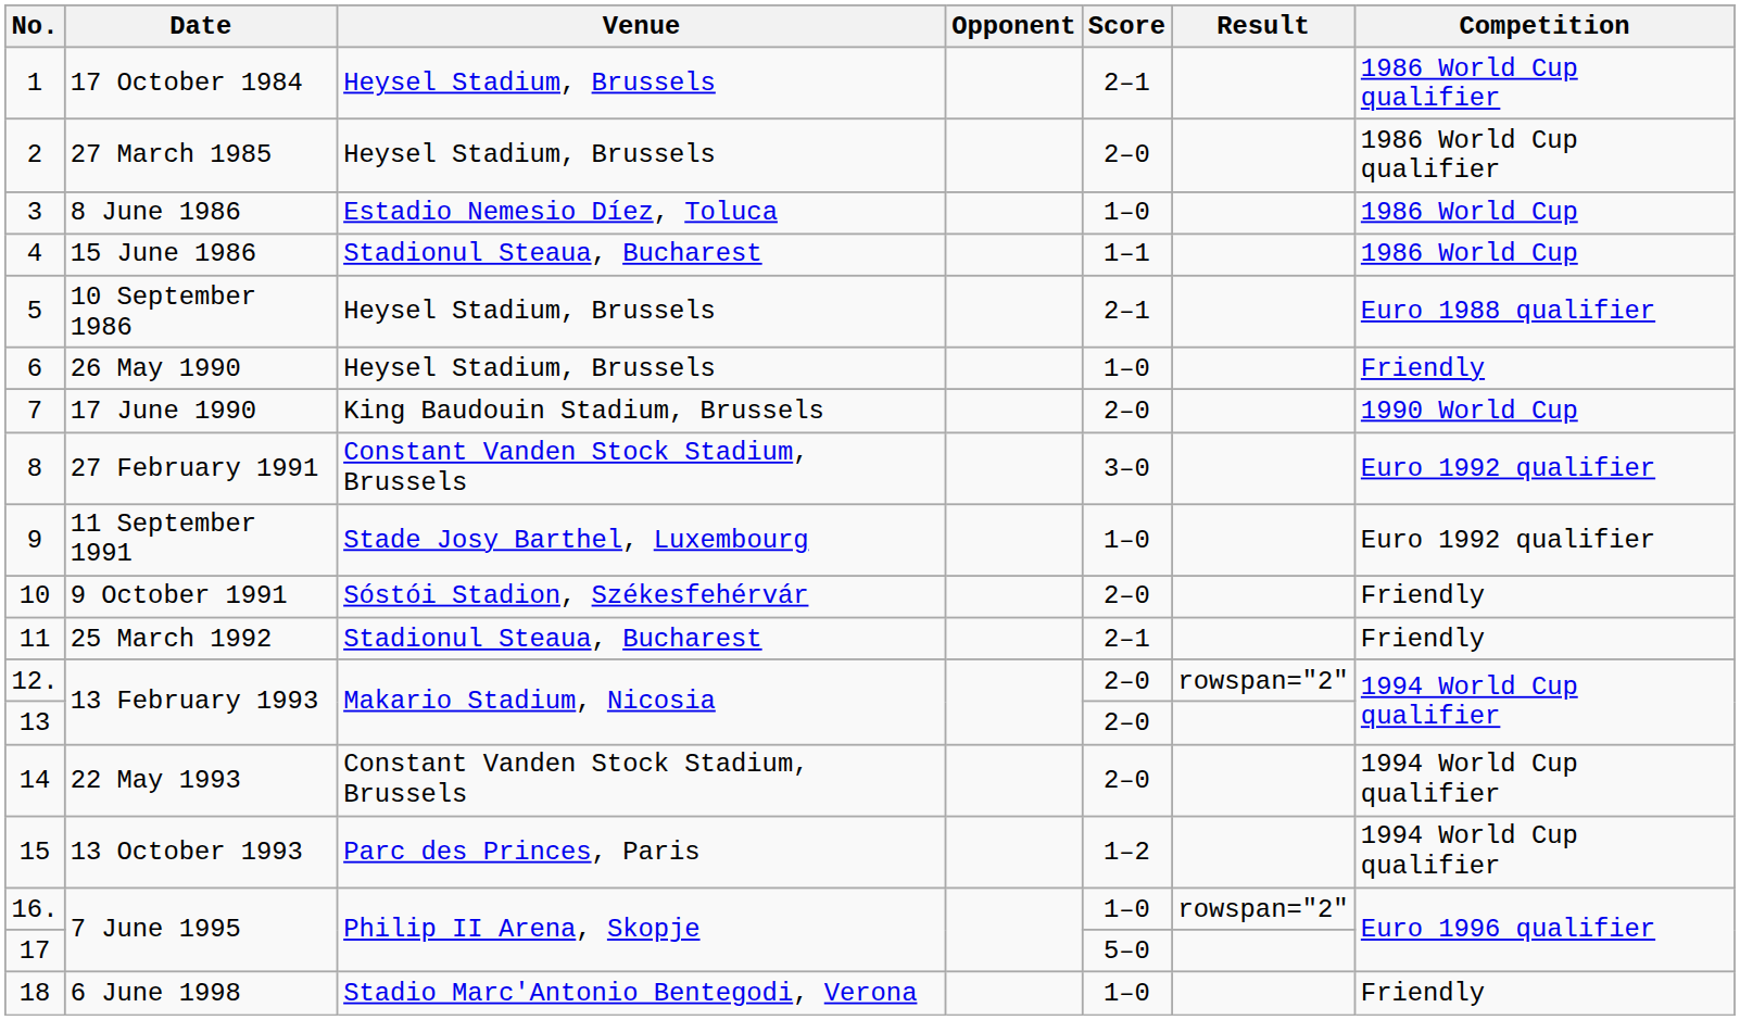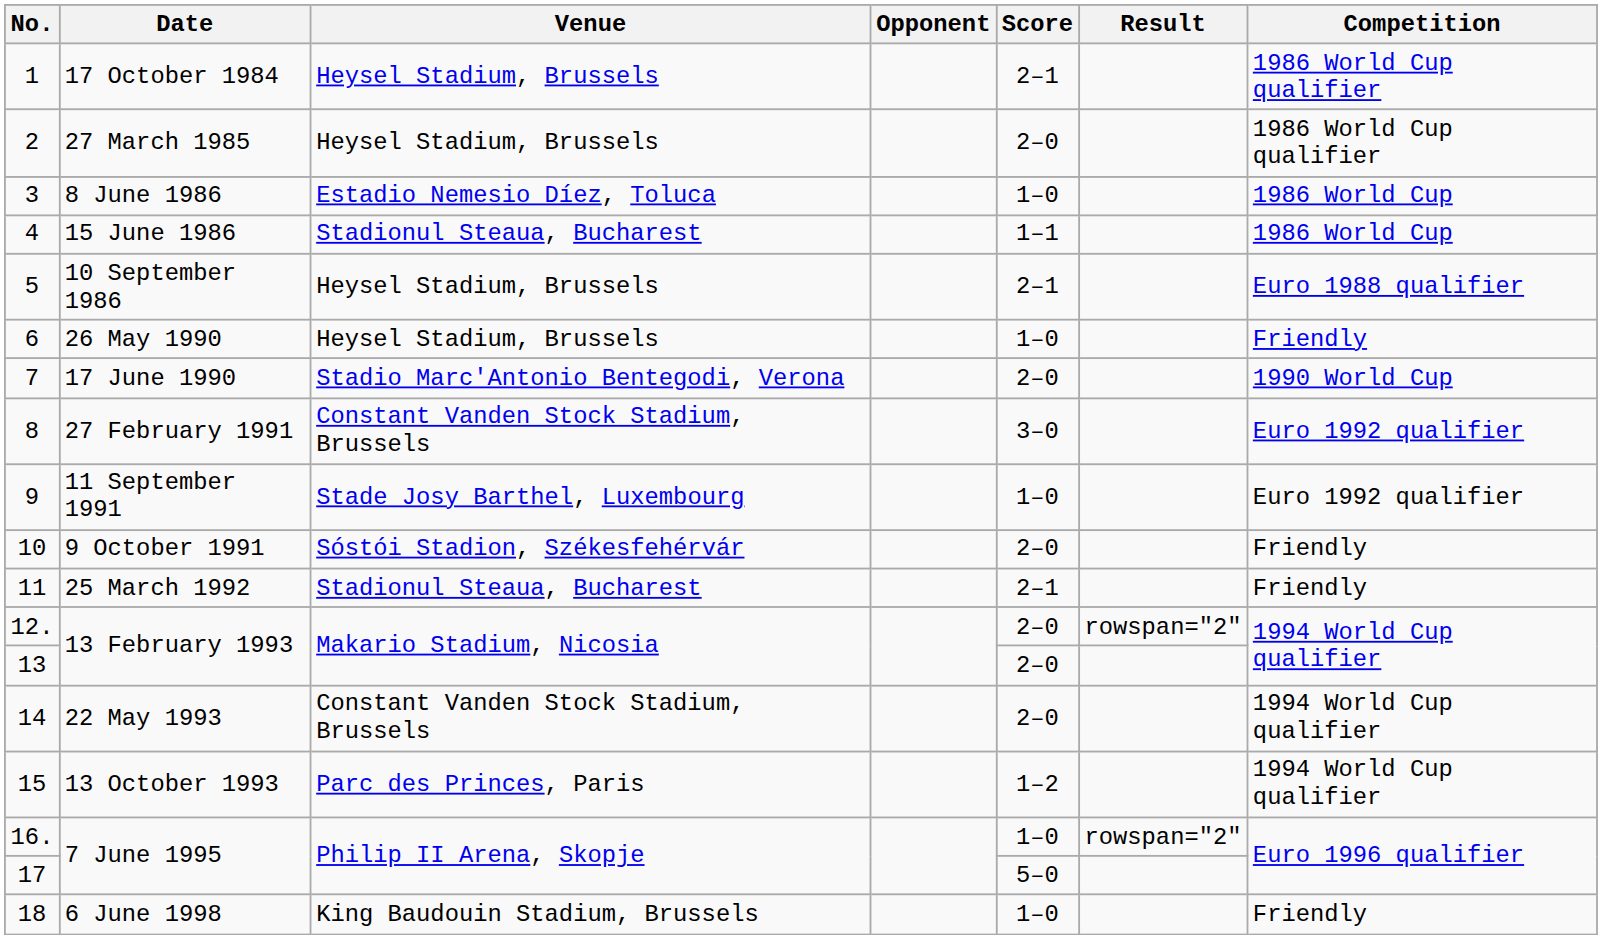 <table class="wikitable sortable">
 <tr>
 <th scope="col">No.</th>
 <th scope="col">Date</th>
 <th scope="col">Venue</th>
 <th scope="col">Opponent</th>
 <th scope="col">Score</th>
 <th scope="col">Result</th>
 <th scope="col">Competition</th>
 </tr>
 <tr>
 <td align="center">1</td>
 <td>17 October 1984</td>
 <td><a href='#'>Heysel Stadium</a>, <a href='#'>Brussels</a></td>
 <td></td>
 <td align="center">2–1</td>
 <td></td>
 <td><a href='#'>1986 World Cup qualifier</a></td>
 </tr>
 <tr>
 <td align="center">2</td>
 <td>27 March 1985</td>
 <td>Heysel Stadium, Brussels</td>
 <td></td>
 <td align="center">2–0</td>
 <td></td>
 <td>1986 World Cup qualifier</td>
 </tr>
 <tr>
 <td align="center">3</td>
 <td>8 June 1986</td>
 <td><a href='#'>Estadio Nemesio Díez</a>, <a href='#'>Toluca</a></td>
 <td></td>
 <td align="center">1–0</td>
 <td></td>
 <td><a href='#'>1986 World Cup</a></td>
 </tr>
 <tr>
 <td align="center">4</td>
 <td>15 June 1986</td>
 <td><a href='#'>Stadionul Steaua</a>, <a href='#'>Bucharest</a></td>
 <td></td>
 <td align="center">1–1</td>
 <td></td>
 <td><a href='#'>1986 World Cup</a></td>
 </tr>
 <tr>
 <td align="center">5</td>
 <td>10 September 1986</td>
 <td>Heysel Stadium, Brussels</td>
 <td></td>
 <td align="center">2–1</td>
 <td></td>
 <td><a href='#'>Euro 1988 qualifier</a></td>
 </tr>
 <tr>
 <td align="center">6</td>
 <td>26 May 1990</td>
 <td>Heysel Stadium, Brussels</td>
 <td></td>
 <td align="center">1–0</td>
 <td></td>
 <td><a href='#'>Friendly</a></td>
 </tr>
 <tr>
 <td align="center">7</td>
 <td>17 June 1990</td>
-<td>King Baudouin Stadium, Brussels</td>
+<td><a href='#'>Stadio Marc'Antonio Bentegodi</a>, <a href='#'>Verona</a></td>
 <td></td>
 <td align="center">2–0</td>
 <td></td>
 <td><a href='#'>1990 World Cup</a></td>
 </tr>
 <tr>
 <td align="center">8</td>
 <td>27 February 1991</td>
 <td><a href='#'>Constant Vanden Stock Stadium</a>, Brussels</td>
 <td></td>
 <td align="center">3–0</td>
 <td></td>
 <td><a href='#'>Euro 1992 qualifier</a></td>
 </tr>
 <tr>
 <td align="center">9</td>
 <td>11 September 1991</td>
 <td><a href='#'>Stade Josy Barthel</a>, <a href='#'>Luxembourg</a></td>
 <td></td>
 <td align="center">1–0</td>
 <td></td>
 <td>Euro 1992 qualifier</td>
 </tr>
 <tr>
 <td align="center">10</td>
 <td>9 October 1991</td>
 <td><a href='#'>Sóstói Stadion</a>, <a href='#'>Székesfehérvár</a></td>
 <td></td>
 <td align="center">2–0</td>
 <td></td>
 <td>Friendly</td>
 </tr>
 <tr>
 <td align="center">11</td>
 <td>25 March 1992</td>
 <td><a href='#'>Stadionul Steaua</a>, <a href='#'>Bucharest</a></td>
 <td></td>
 <td align="center">2–1</td>
 <td></td>
 <td>Friendly</td>
 </tr>
 <tr>
 <td align="center">12.</td>
 <td rowspan="2">13 February 1993</td>
 <td rowspan="2"><a href='#'>Makario Stadium</a>, <a href='#'>Nicosia</a></td>
 <td rowspan="2"></td>
 <td align="center">2–0</td>
 <td>rowspan="2" </td>
 <td rowspan="2"><a href='#'>1994 World Cup qualifier</a></td>
 </tr>
 <tr>
 <td align="center">13</td>
 <td align="center">2–0</td>
 </tr>
 <tr>
 <td align="center">14</td>
 <td>22 May 1993</td>
 <td>Constant Vanden Stock Stadium, Brussels</td>
 <td></td>
 <td align="center">2–0</td>
 <td></td>
 <td>1994 World Cup qualifier</td>
 </tr>
 <tr>
 <td align="center">15</td>
 <td>13 October 1993</td>
 <td><a href='#'>Parc des Princes</a>, Paris</td>
 <td></td>
 <td align="center">1–2</td>
 <td></td>
 <td>1994 World Cup qualifier</td>
 </tr>
 <tr>
 <td align="center">16.</td>
 <td rowspan="2">7 June 1995</td>
 <td rowspan="2"><a href='#'>Philip II Arena</a>, <a href='#'>Skopje</a></td>
 <td rowspan="2"></td>
 <td align="center">1–0</td>
 <td>rowspan="2" </td>
 <td rowspan="2"><a href='#'>Euro 1996 qualifier</a></td>
 </tr>
 <tr>
 <td align="center">17</td>
 <td align="center">5–0</td>
 </tr>
 <tr>
 <td align="center">18</td>
 <td>6 June 1998</td>
-<td><a href='#'>Stadio Marc'Antonio Bentegodi</a>, <a href='#'>Verona</a></td>
+<td>King Baudouin Stadium, Brussels</td>
 <td></td>
 <td align="center">1–0</td>
 <td></td>
 <td>Friendly</td>
 </tr>
 </table>
